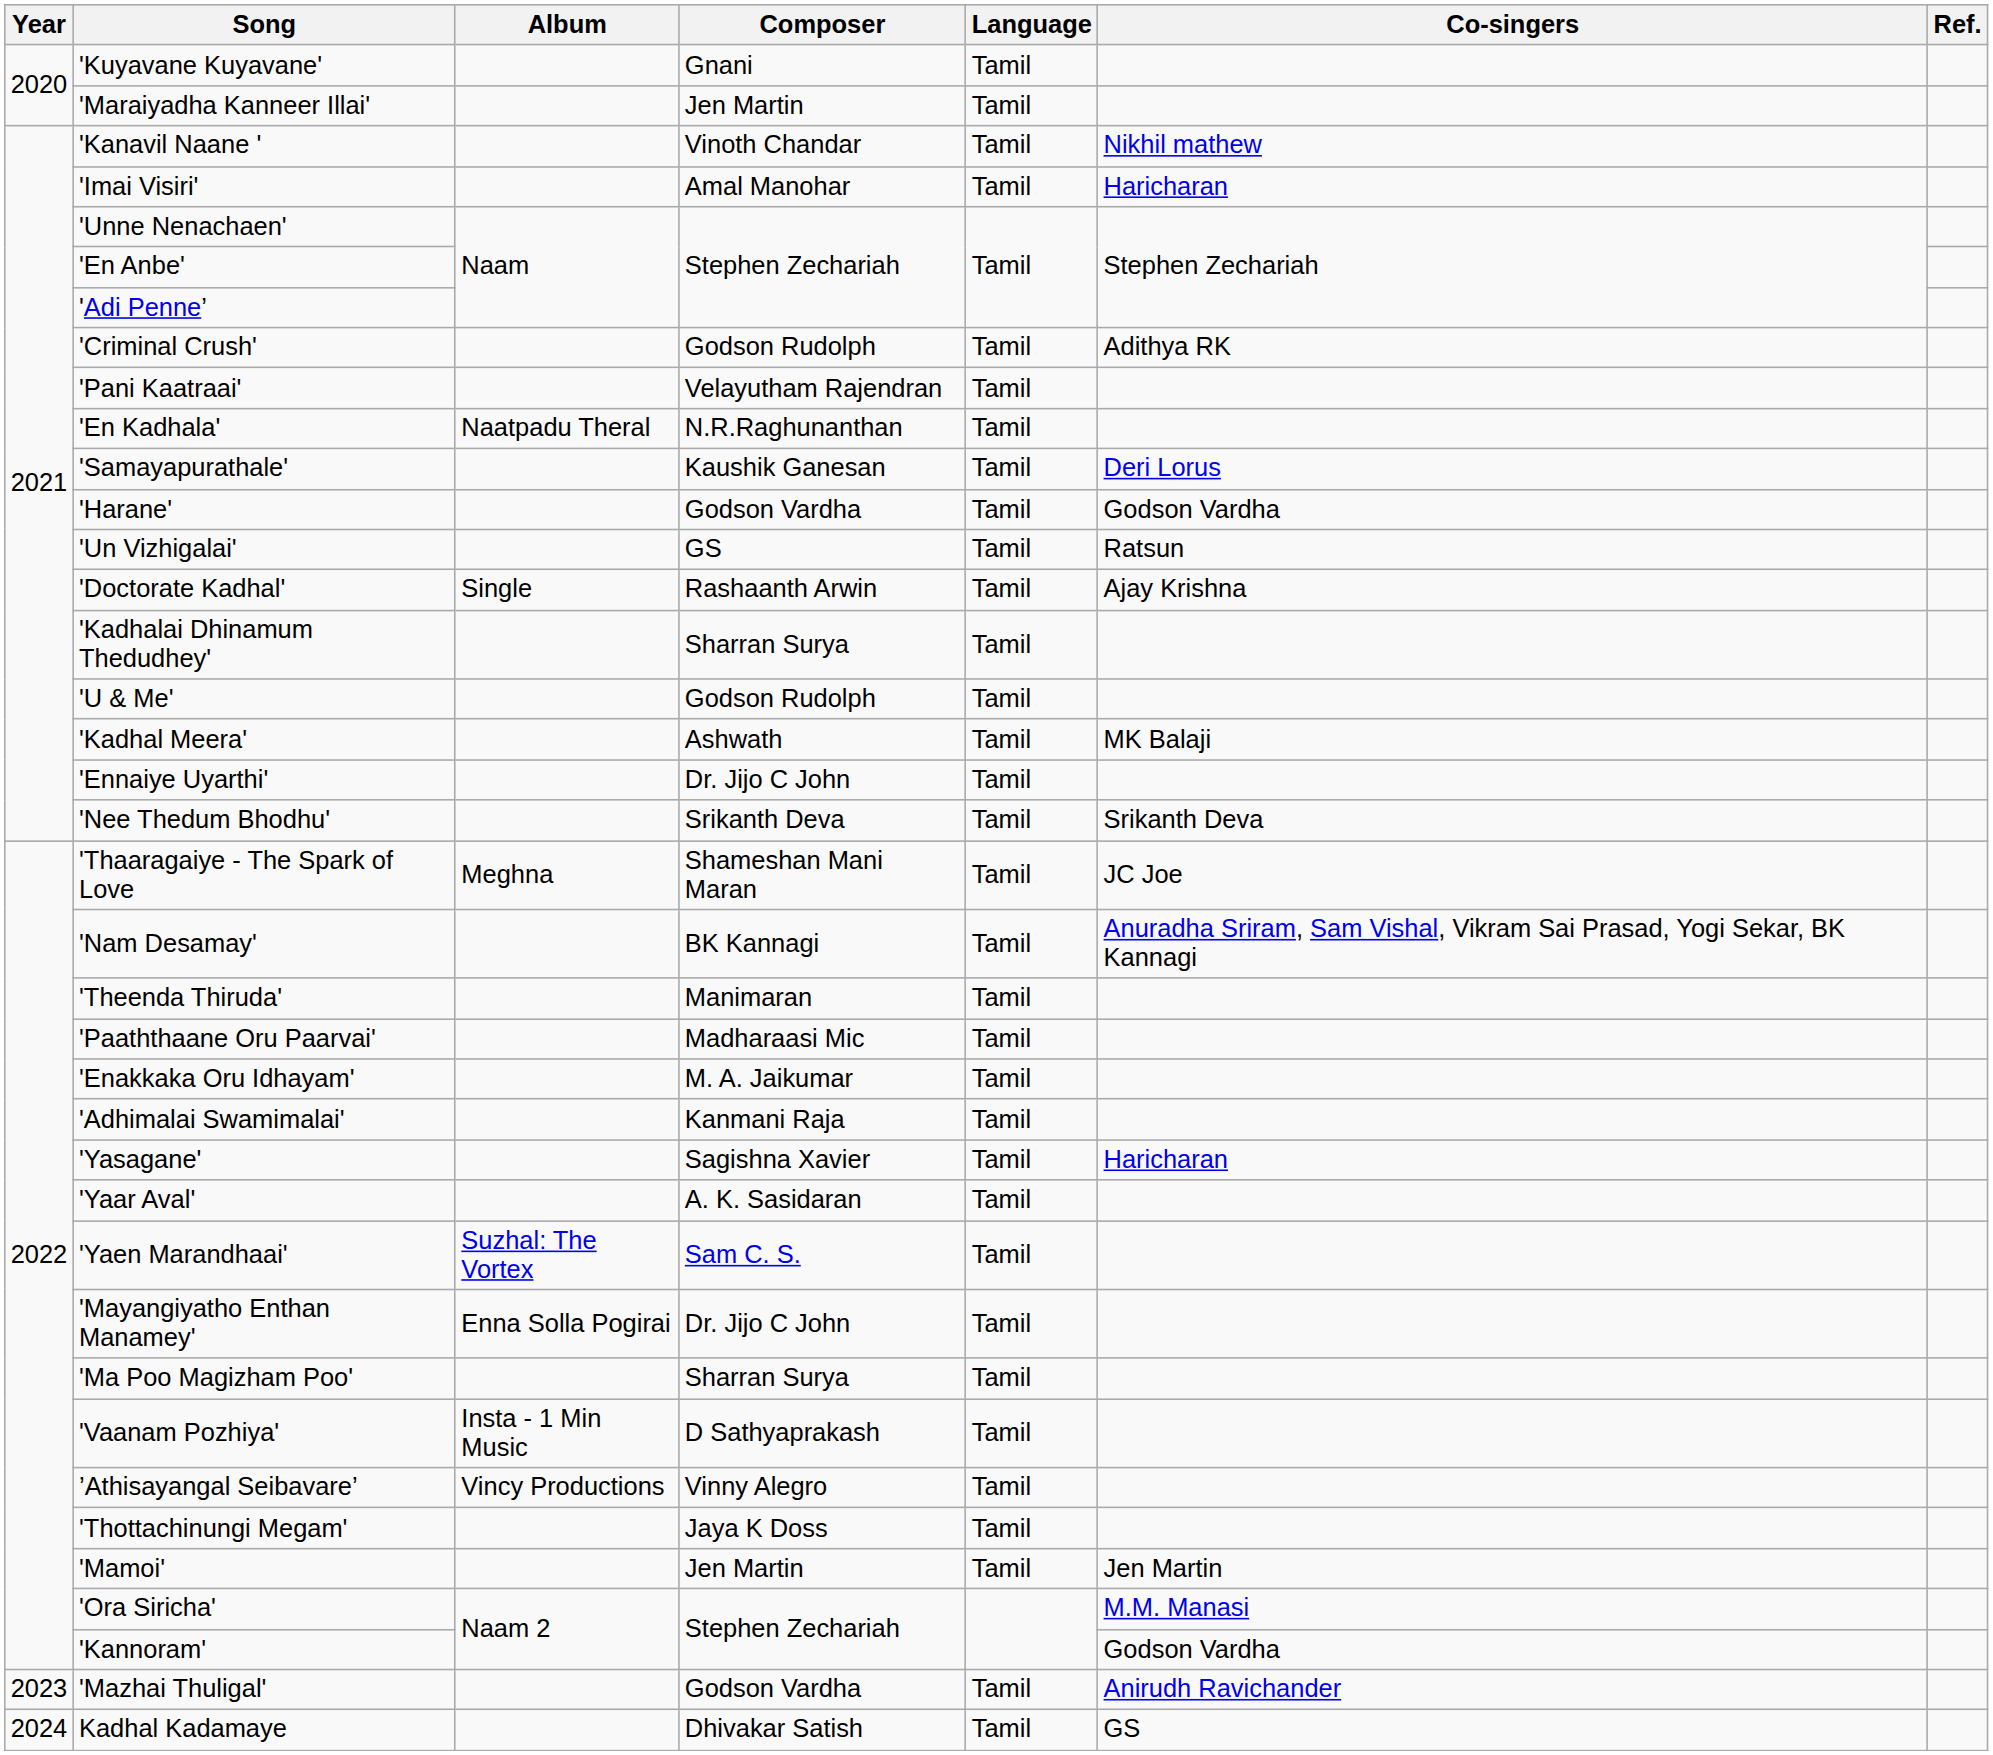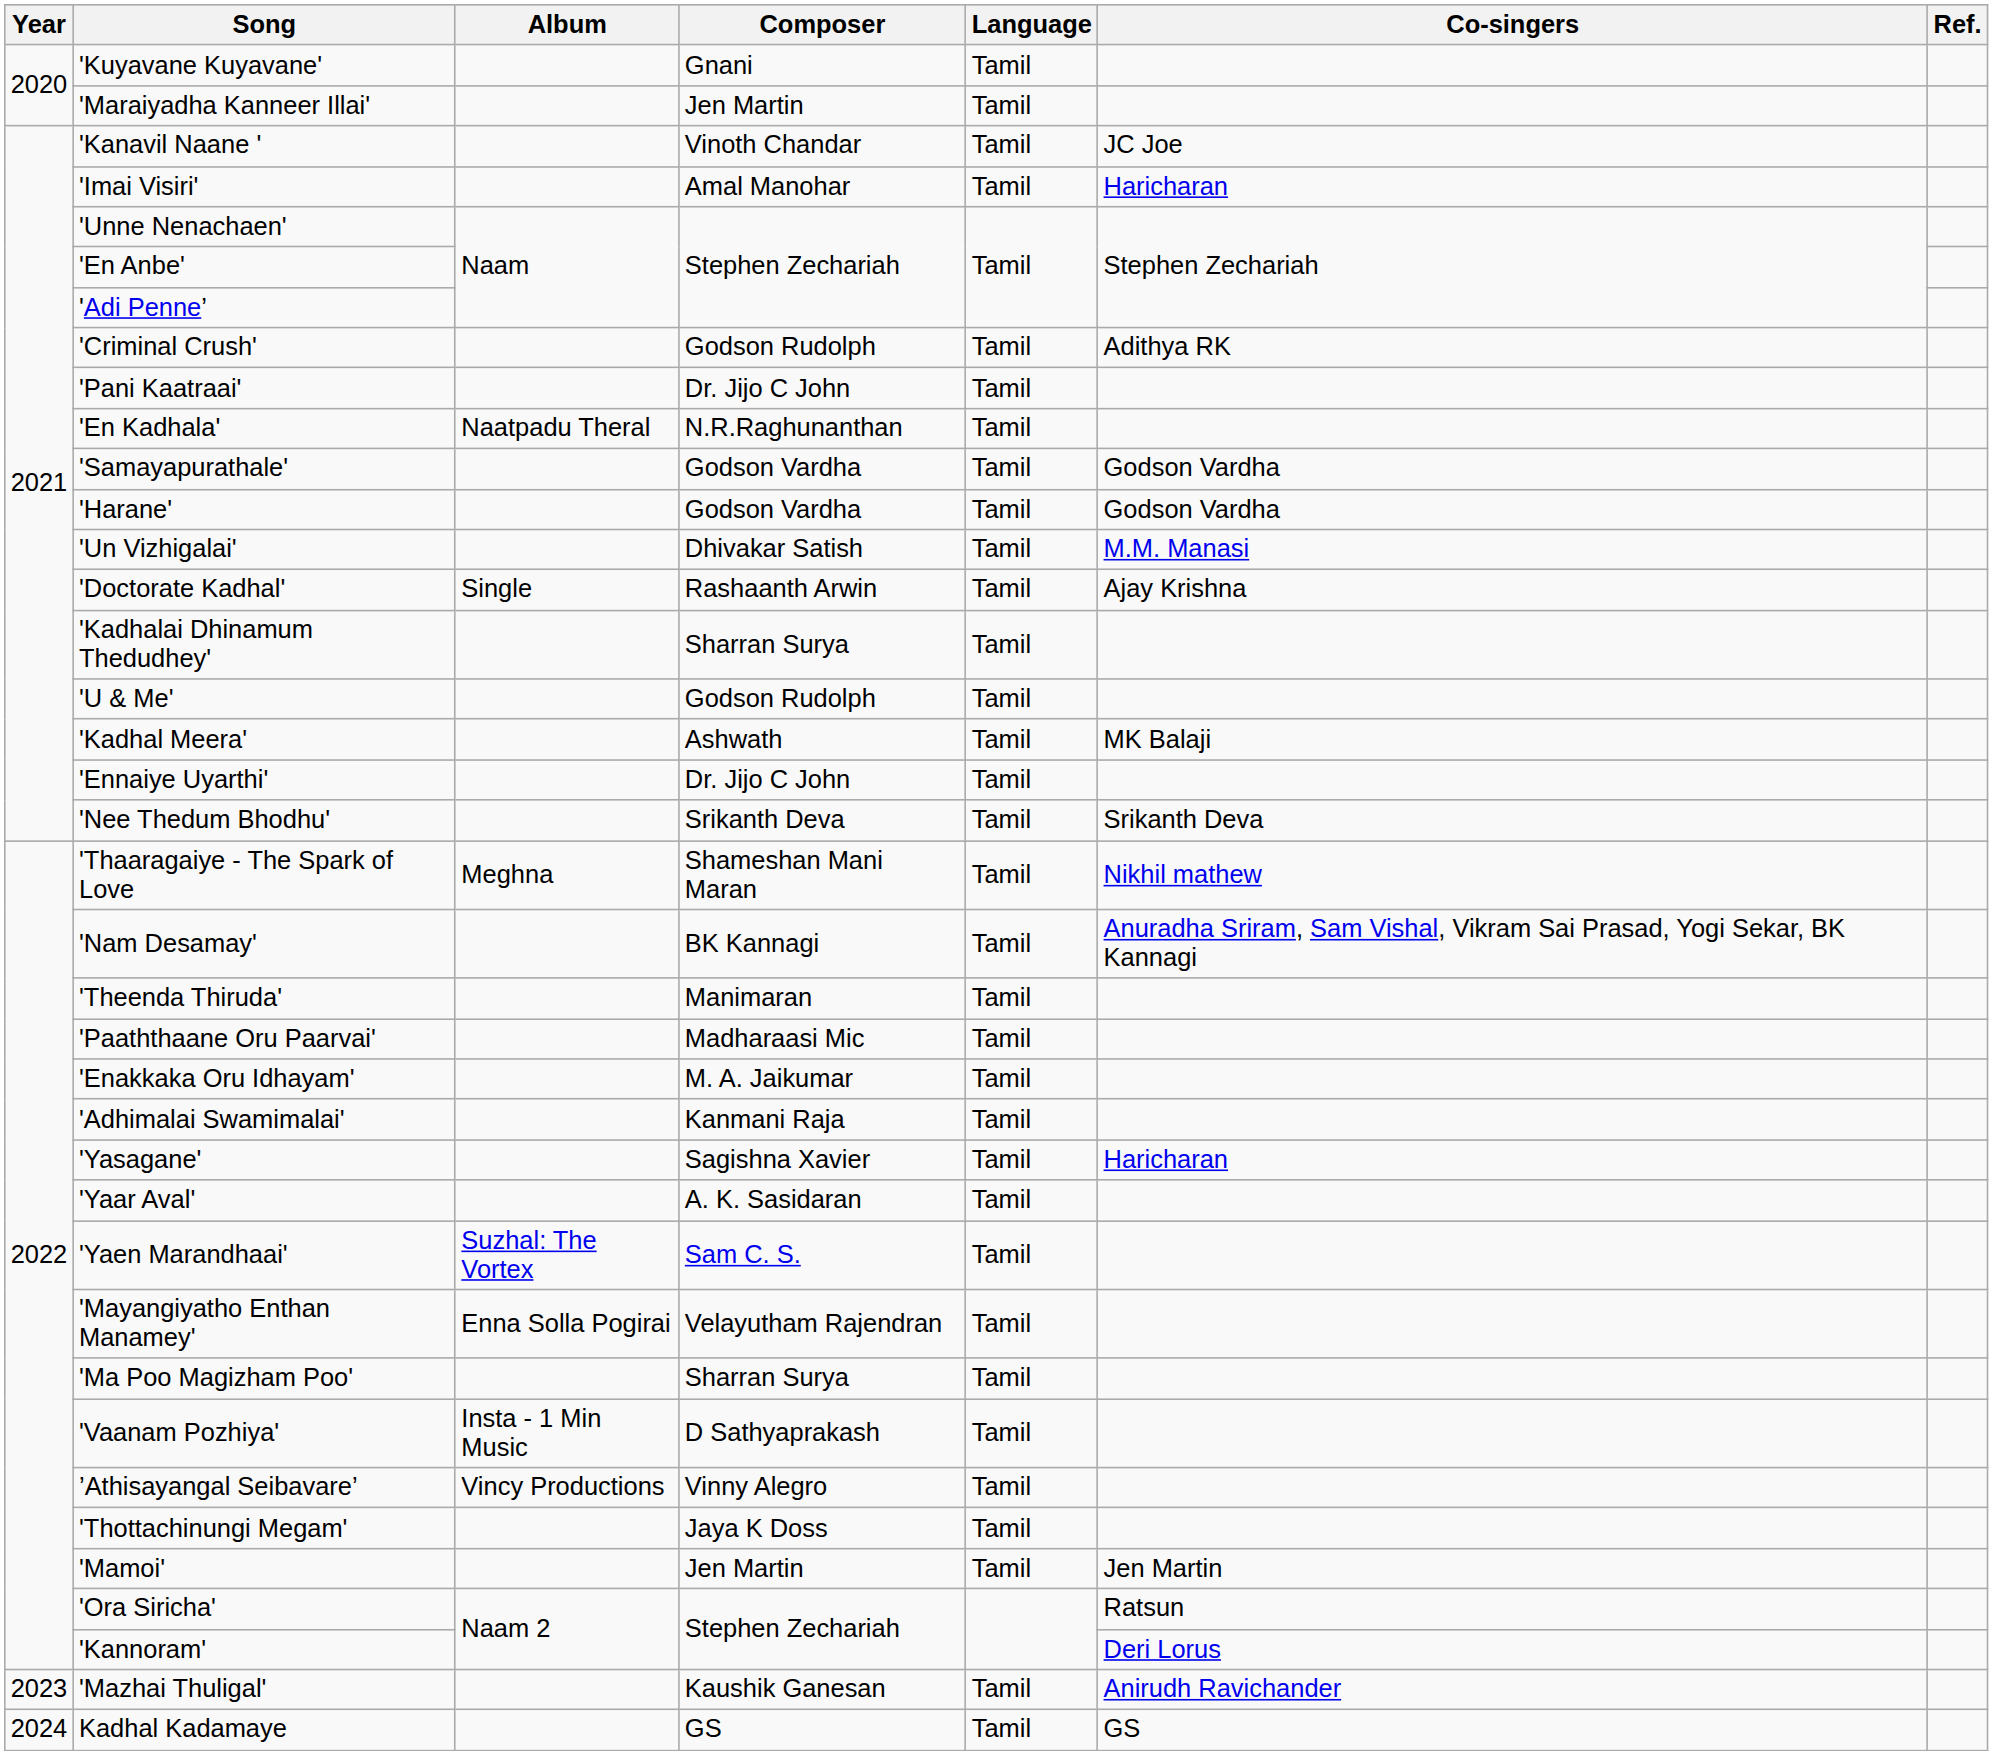 <table class="wikitable">
 <tr>
 <th>Year</th>
 <th>Song</th>
 <th>Album</th>
 <th>Composer</th>
 <th>Language</th>
 <th>Co-singers</th>
 <th>Ref.</th>
 </tr>
 <tr>
 <td rowspan="2">2020</td>
 <td>'Kuyavane Kuyavane'</td>
 <td></td>
 <td>Gnani</td>
 <td>Tamil</td>
 <td></td>
 <td></td>
 </tr>
 <tr>
 <td>'Maraiyadha Kanneer Illai'</td>
 <td></td>
 <td>Jen Martin</td>
 <td>Tamil</td>
 <td></td>
 <td></td>
 </tr>
 <tr>
 <td rowspan="17">2021</td>
 <td>'Kanavil Naane '</td>
 <td></td>
 <td>Vinoth Chandar</td>
 <td>Tamil</td>
-<td><a href='#'>Nikhil mathew</a></td>
+<td>JC Joe</td>
 <td></td>
 </tr>
 <tr>
 <td>'Imai Visiri'</td>
 <td></td>
 <td>Amal Manohar</td>
 <td>Tamil</td>
 <td><a href='#'>Haricharan</a></td>
 <td></td>
 </tr>
 <tr>
 <td>'Unne Nenachaen'</td>
 <td rowspan="3">Naam</td>
 <td rowspan="3">Stephen Zechariah</td>
 <td rowspan="3">Tamil</td>
 <td rowspan="3">Stephen Zechariah</td>
 <td></td>
 </tr>
 <tr>
 <td>'En Anbe'</td>
 <td></td>
 </tr>
 <tr>
 <td>'<a href='#'>Adi Penne</a>’</td>
 <td></td>
 </tr>
 <tr>
 <td>'Criminal Crush'</td>
 <td></td>
 <td>Godson Rudolph</td>
 <td>Tamil</td>
 <td>Adithya RK</td>
 <td></td>
 </tr>
 <tr>
 <td>'Pani Kaatraai'</td>
 <td></td>
-<td>Velayutham Rajendran</td>
+<td>Dr. Jijo C John</td>
 <td>Tamil</td>
 <td></td>
 <td></td>
 </tr>
 <tr>
 <td>'En Kadhala'</td>
 <td>Naatpadu Theral</td>
 <td>N.R.Raghunanthan</td>
 <td>Tamil</td>
 <td></td>
 <td></td>
 </tr>
 <tr>
 <td>'Samayapurathale'</td>
 <td></td>
-<td>Kaushik Ganesan</td>
+<td>Godson Vardha</td>
 <td>Tamil</td>
-<td><a href='#'>Deri Lorus</a></td>
+<td>Godson Vardha</td>
 <td></td>
 </tr>
 <tr>
 <td>'Harane'</td>
 <td></td>
 <td>Godson Vardha</td>
 <td>Tamil</td>
 <td>Godson Vardha</td>
 <td></td>
 </tr>
 <tr>
 <td>'Un Vizhigalai'</td>
 <td></td>
-<td>GS</td>
+<td>Dhivakar Satish</td>
 <td>Tamil</td>
-<td>Ratsun</td>
+<td><a href='#'>M.M. Manasi</a></td>
 <td></td>
 </tr>
 <tr>
 <td>'Doctorate Kadhal'</td>
 <td>Single</td>
 <td>Rashaanth Arwin</td>
 <td>Tamil</td>
 <td>Ajay Krishna</td>
 <td></td>
 </tr>
 <tr>
 <td>'Kadhalai Dhinamum Thedudhey'</td>
 <td></td>
 <td>Sharran Surya</td>
 <td>Tamil</td>
 <td></td>
 <td></td>
 </tr>
 <tr>
 <td>'U & Me'</td>
 <td></td>
 <td>Godson Rudolph</td>
 <td>Tamil</td>
 <td></td>
 <td></td>
 </tr>
 <tr>
 <td>'Kadhal Meera'</td>
 <td></td>
 <td>Ashwath</td>
 <td>Tamil</td>
 <td>MK Balaji</td>
 <td></td>
 </tr>
 <tr>
 <td>'Ennaiye Uyarthi'</td>
 <td></td>
 <td>Dr. Jijo C John</td>
 <td>Tamil</td>
 <td></td>
 <td></td>
 </tr>
 <tr>
 <td>'Nee Thedum Bhodhu'</td>
 <td></td>
 <td>Srikanth Deva</td>
 <td>Tamil</td>
 <td>Srikanth Deva</td>
 <td></td>
 </tr>
 <tr>
 <td rowspan="17">2022</td>
 <td>'Thaaragaiye - The Spark of Love</td>
 <td>Meghna</td>
 <td>Shameshan Mani Maran</td>
 <td>Tamil</td>
-<td>JC Joe</td>
+<td><a href='#'>Nikhil mathew</a></td>
 <td></td>
 </tr>
 <tr>
 <td>'Nam Desamay'</td>
 <td></td>
 <td>BK Kannagi</td>
 <td>Tamil</td>
 <td><a href='#'>Anuradha Sriram</a>, <a href='#'>Sam Vishal</a>, Vikram Sai Prasad, Yogi Sekar, BK Kannagi</td>
 <td></td>
 </tr>
 <tr>
 <td>'Theenda Thiruda'</td>
 <td></td>
 <td>Manimaran</td>
 <td>Tamil</td>
 <td></td>
 <td></td>
 </tr>
 <tr>
 <td>'Paaththaane Oru Paarvai'</td>
 <td></td>
 <td>Madharaasi Mic</td>
 <td>Tamil</td>
 <td></td>
 <td></td>
 </tr>
 <tr>
 <td>'Enakkaka Oru Idhayam'</td>
 <td></td>
 <td>M. A. Jaikumar</td>
 <td>Tamil</td>
 <td></td>
 <td></td>
 </tr>
 <tr>
 <td>'Adhimalai Swamimalai'</td>
 <td></td>
 <td>Kanmani Raja</td>
 <td>Tamil</td>
 <td></td>
 <td></td>
 </tr>
 <tr>
 <td>'Yasagane'</td>
 <td></td>
 <td>Sagishna Xavier</td>
 <td>Tamil</td>
 <td><a href='#'>Haricharan</a></td>
 <td></td>
 </tr>
 <tr>
 <td>'Yaar Aval'</td>
 <td></td>
 <td>A. K. Sasidaran</td>
 <td>Tamil</td>
 <td></td>
 <td></td>
 </tr>
 <tr>
 <td>'Yaen Marandhaai'</td>
 <td><a href='#'>Suzhal: The Vortex</a></td>
 <td><a href='#'>Sam C. S.</a></td>
 <td>Tamil</td>
 <td></td>
 <td></td>
 </tr>
 <tr>
 <td>'Mayangiyatho Enthan Manamey'</td>
 <td>Enna Solla Pogirai</td>
-<td>Dr. Jijo C John</td>
+<td>Velayutham Rajendran</td>
 <td>Tamil</td>
 <td></td>
 <td></td>
 </tr>
 <tr>
 <td>'Ma Poo Magizham Poo'</td>
 <td></td>
 <td>Sharran Surya</td>
 <td>Tamil</td>
 <td></td>
 <td></td>
 </tr>
 <tr>
 <td>'Vaanam Pozhiya'</td>
 <td>Insta - 1 Min Music</td>
 <td>D Sathyaprakash</td>
 <td>Tamil</td>
 <td></td>
 <td></td>
 </tr>
 <tr>
 <td>’Athisayangal Seibavare’</td>
 <td>Vincy Productions</td>
 <td>Vinny Alegro</td>
 <td>Tamil</td>
 <td></td>
 <td></td>
 </tr>
 <tr>
 <td>'Thottachinungi Megam'</td>
 <td></td>
 <td>Jaya K Doss</td>
 <td>Tamil</td>
 <td></td>
 <td></td>
 </tr>
 <tr>
 <td>'Mamoi'</td>
 <td></td>
 <td>Jen Martin</td>
 <td>Tamil</td>
 <td>Jen Martin</td>
 <td></td>
 </tr>
 <tr>
 <td>'Ora Siricha'</td>
 <td rowspan="2">Naam 2</td>
 <td rowspan="2">Stephen Zechariah</td>
 <td rowspan="2"></td>
-<td><a href='#'>M.M. Manasi</a></td>
+<td>Ratsun</td>
 <td></td>
 </tr>
 <tr>
 <td>'Kannoram'</td>
-<td>Godson Vardha</td>
+<td><a href='#'>Deri Lorus</a></td>
 <td></td>
 </tr>
 <tr>
 <td>2023</td>
 <td>'Mazhai Thuligal'</td>
 <td></td>
-<td>Godson Vardha</td>
+<td>Kaushik Ganesan</td>
 <td>Tamil</td>
 <td><a href='#'>Anirudh Ravichander</a></td>
 <td></td>
 </tr>
 <tr>
 <td>2024</td>
 <td>Kadhal Kadamaye</td>
 <td></td>
-<td>Dhivakar Satish</td>
+<td>GS</td>
 <td>Tamil</td>
 <td>GS</td>
 <td></td>
 </tr>
 </table>
